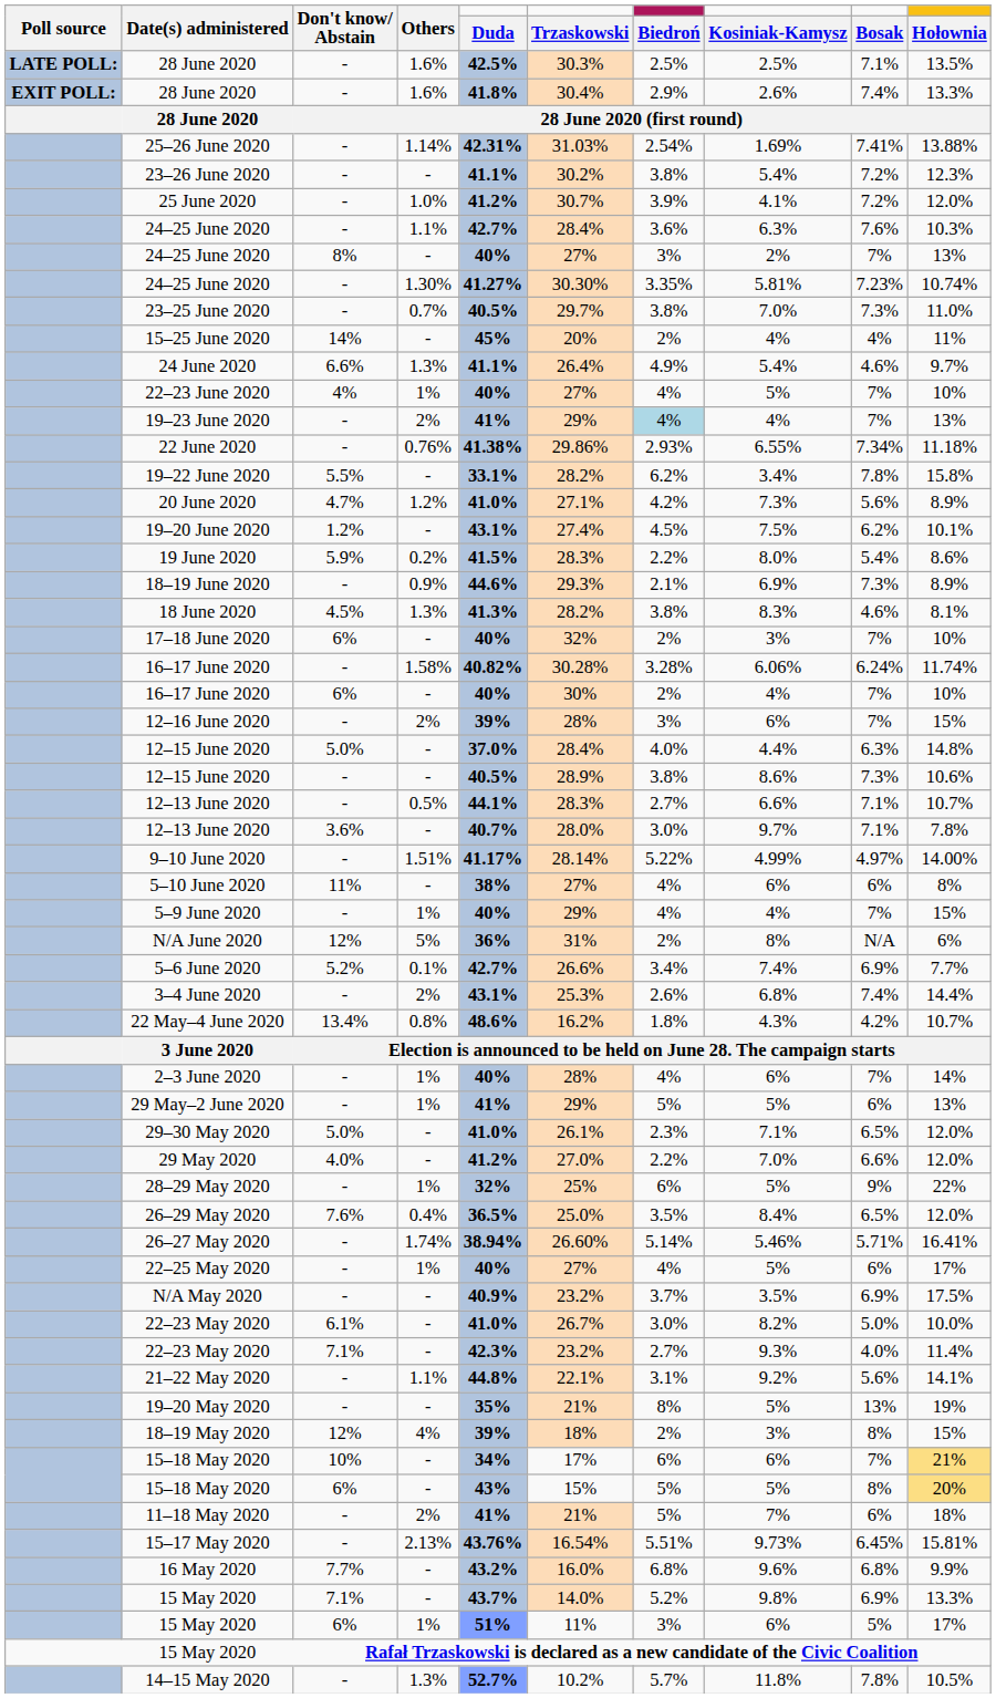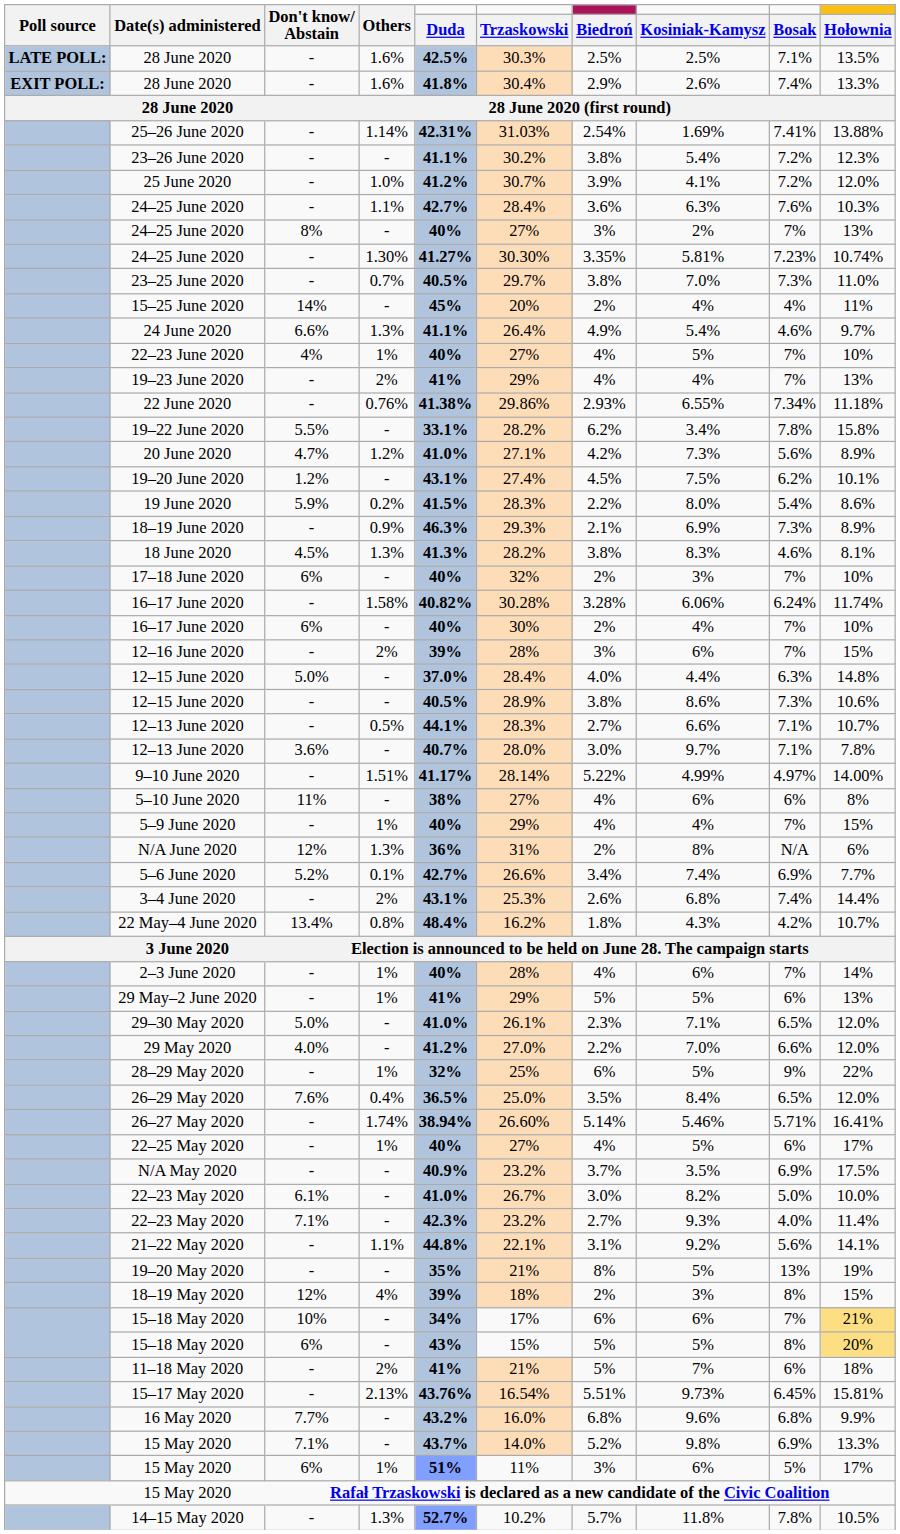 <table class="wikitable" style="text-align:center; font-size:85%; line-height:14px;">
 <tr>
 <th rowspan="2">Poll source</th>
 <th rowspan="2">Date(s) administered</th>
 <th rowspan="2">Don't know/<br>Abstain</th>
 <th rowspan="2">Others</th>
 <td style="background:"></td>
 <td style="background:"></td>
 <td style="background:#ac145a;"></td>
 <td style="background:"></td>
 <td style="background:"></td>
 <td style="background:#F9C013;"></td>
 </tr>
 <tr>
 <th><a href='#'>Duda</a><br></th>
 <th><a href='#'>Trzaskowski</a><br></th>
 <th><a href='#'>Biedroń</a><br></th>
 <th><a href='#'>Kosiniak-Kamysz</a><br></th>
 <th><a href='#'>Bosak</a><br></th>
 <th><a href='#'>Hołownia</a><br></th>
 </tr>
 <tr>
 <td style="background:lightsteelblue;"><strong>LATE POLL:</strong><br> </td>
 <td>28 June 2020</td>
 <td>-</td>
 <td>1.6%</td>
 <td style="background:lightsteelblue;"><strong>42.5%</strong></td>
 <td style="background:#FDDCB8;">30.3%</td>
 <td>2.5%</td>
 <td>2.5%</td>
 <td>7.1%</td>
 <td>13.5%</td>
 </tr>
 <tr>
 <td style="background:lightsteelblue;"><strong>EXIT POLL:</strong><br> </td>
 <td>28 June 2020</td>
 <td>-</td>
 <td>1.6%</td>
 <td style="background:lightsteelblue;"><strong>41.8%</strong></td>
 <td style="background:#FDDCB8;">30.4%</td>
 <td>2.9%</td>
 <td>2.6%</td>
 <td>7.4%</td>
 <td>13.3%</td>
 </tr>
 <tr>
 <th style="border-right-style:hidden;"></th>
 <th style="border-right-style:hidden;" data-sort-value="2020-06-28">28 June 2020</th>
 <th colspan="8"><strong>28 June 2020 (first round)</strong></th>
 </tr>
 <tr>
 <td style="background:lightsteelblue;"></td>
 <td>25–26 June 2020</td>
 <td>-</td>
 <td>1.14%</td>
 <td style="background:lightsteelblue;"><strong>42.31%</strong></td>
 <td style="background:#FDDCB8;">31.03%</td>
 <td>2.54%</td>
 <td>1.69%</td>
 <td>7.41%</td>
 <td>13.88%</td>
 </tr>
 <tr>
 <td style="background:lightsteelblue;"></td>
 <td>23–26 June 2020</td>
 <td>-</td>
 <td>-</td>
 <td style="background:lightsteelblue;"><strong>41.1%</strong></td>
 <td style="background:#FDDCB8;">30.2%</td>
 <td>3.8%</td>
 <td>5.4%</td>
 <td>7.2%</td>
 <td>12.3%</td>
 </tr>
 <tr>
 <td style="background:lightsteelblue;"></td>
 <td>25 June 2020</td>
 <td>-</td>
 <td>1.0%</td>
 <td style="background:lightsteelblue;"><strong>41.2%</strong></td>
 <td style="background:#FDDCB8;">30.7%</td>
 <td>3.9%</td>
 <td>4.1%</td>
 <td>7.2%</td>
 <td>12.0%</td>
 </tr>
 <tr>
 <td style="background:lightsteelblue;"></td>
 <td>24–25 June 2020</td>
 <td>-</td>
 <td>1.1%</td>
 <td style="background:lightsteelblue;"><strong>42.7%</strong></td>
 <td style="background:#FDDCB8;">28.4%</td>
 <td>3.6%</td>
 <td>6.3%</td>
 <td>7.6%</td>
 <td>10.3%</td>
 </tr>
 <tr>
 <td style="background:lightsteelblue;"></td>
 <td>24–25 June 2020</td>
 <td>8%</td>
 <td>-</td>
 <td style="background:lightsteelblue;"><strong>40%</strong></td>
 <td style="background:#FDDCB8;">27%</td>
 <td>3%</td>
 <td>2%</td>
 <td>7%</td>
 <td>13%</td>
 </tr>
 <tr>
 <td style="background:lightsteelblue;"></td>
 <td>24–25 June 2020</td>
 <td>-</td>
 <td>1.30%</td>
 <td style="background:lightsteelblue;"><strong>41.27%</strong></td>
 <td style="background:#FDDCB8;">30.30%</td>
 <td>3.35%</td>
 <td>5.81%</td>
 <td>7.23%</td>
 <td>10.74%</td>
 </tr>
 <tr>
 <td style="background:lightsteelblue;"></td>
 <td>23–25 June 2020</td>
 <td>-</td>
 <td>0.7%</td>
 <td style="background:lightsteelblue;"><strong>40.5%</strong></td>
 <td style="background:#FDDCB8;">29.7%</td>
 <td>3.8%</td>
 <td>7.0%</td>
 <td>7.3%</td>
 <td>11.0%</td>
 </tr>
 <tr>
 <td style="background:lightsteelblue;"></td>
 <td>15–25 June 2020</td>
 <td>14%</td>
 <td>-</td>
 <td style="background:lightsteelblue;"><strong>45%</strong></td>
 <td style="background:#FDDCB8;">20%</td>
 <td>2%</td>
 <td>4%</td>
 <td>4%</td>
 <td>11%</td>
 </tr>
 <tr>
 <td style="background:lightsteelblue;"></td>
 <td>24 June 2020</td>
 <td>6.6%</td>
 <td>1.3%</td>
 <td style="background:lightsteelblue;"><strong>41.1%</strong></td>
 <td style="background:#FDDCB8;">26.4%</td>
 <td>4.9%</td>
 <td>5.4%</td>
 <td>4.6%</td>
 <td>9.7%</td>
 </tr>
 <tr>
 <td style="background:lightsteelblue;"></td>
 <td>22–23 June 2020</td>
 <td>4%</td>
 <td>1%</td>
 <td style="background:lightsteelblue;"><strong>40%</strong></td>
 <td style="background:#FDDCB8;">27%</td>
 <td>4%</td>
 <td>5%</td>
 <td>7%</td>
 <td>10%</td>
 </tr>
 <tr>
 <td style="background:lightsteelblue;"></td>
 <td>19–23 June 2020</td>
 <td>-</td>
 <td>2%</td>
 <td style="background:lightsteelblue;"><strong>41%</strong></td>
 <td style="background:#FDDCB8;">29%</td>
-<td style="background: lightblue;">4%</td>
+<td>4%</td>
 <td>4%</td>
 <td>7%</td>
 <td>13%</td>
 </tr>
 <tr>
 <td style="background:lightsteelblue;"></td>
 <td>22 June 2020</td>
 <td>-</td>
 <td>0.76%</td>
 <td style="background:lightsteelblue;"><strong>41.38%</strong></td>
 <td style="background:#FDDCB8;">29.86%</td>
 <td>2.93%</td>
 <td>6.55%</td>
 <td>7.34%</td>
 <td>11.18%</td>
 </tr>
 <tr>
 <td style="background:lightsteelblue;"></td>
 <td>19–22 June 2020</td>
 <td>5.5%</td>
 <td>-</td>
 <td style="background:lightsteelblue;"><strong>33.1%</strong></td>
 <td style="background:#FDDCB8;">28.2%</td>
 <td>6.2%</td>
 <td>3.4%</td>
 <td>7.8%</td>
 <td>15.8%</td>
 </tr>
 <tr>
 <td style="background:lightsteelblue;"></td>
 <td>20 June 2020</td>
 <td>4.7%</td>
 <td>1.2%</td>
 <td style="background:lightsteelblue;"><strong>41.0%</strong></td>
 <td style="background:#FDDCB8;">27.1%</td>
 <td>4.2%</td>
 <td>7.3%</td>
 <td>5.6%</td>
 <td>8.9%</td>
 </tr>
 <tr>
 <td style="background:lightsteelblue;"></td>
 <td>19–20 June 2020</td>
 <td>1.2%</td>
 <td>-</td>
 <td style="background:lightsteelblue;"><strong>43.1%</strong></td>
 <td style="background:#FDDCB8;">27.4%</td>
 <td>4.5%</td>
 <td>7.5%</td>
 <td>6.2%</td>
 <td>10.1%</td>
 </tr>
 <tr>
 <td style="background:lightsteelblue;"></td>
 <td>19 June 2020</td>
 <td>5.9%</td>
 <td>0.2%</td>
 <td style="background:lightsteelblue;"><strong>41.5%</strong></td>
 <td style="background:#FDDCB8;">28.3%</td>
 <td>2.2%</td>
 <td>8.0%</td>
 <td>5.4%</td>
 <td>8.6%</td>
 </tr>
 <tr>
 <td style="background:lightsteelblue;"></td>
 <td>18–19 June 2020</td>
 <td>-</td>
 <td>0.9%</td>
-<td style="background:lightsteelblue;"><strong>44.6%</strong></td>
+<td style="background:lightsteelblue;"><strong>46.3%</strong></td>
 <td style="background:#FDDCB8;">29.3%</td>
 <td>2.1%</td>
 <td>6.9%</td>
 <td>7.3%</td>
 <td>8.9%</td>
 </tr>
 <tr>
 <td style="background:lightsteelblue;"></td>
 <td>18 June 2020</td>
 <td>4.5%</td>
 <td>1.3%</td>
 <td style="background:lightsteelblue;"><strong>41.3%</strong></td>
 <td style="background:#FDDCB8;">28.2%</td>
 <td>3.8%</td>
 <td>8.3%</td>
 <td>4.6%</td>
 <td>8.1%</td>
 </tr>
 <tr>
 <td style="background:lightsteelblue;"></td>
 <td>17–18 June 2020</td>
 <td>6%</td>
 <td>-</td>
 <td style="background:lightsteelblue;"><strong>40%</strong></td>
 <td style="background:#FDDCB8;">32%</td>
 <td>2%</td>
 <td>3%</td>
 <td>7%</td>
 <td>10%</td>
 </tr>
 <tr>
 <td style="background:lightsteelblue;"></td>
 <td>16–17 June 2020</td>
 <td>-</td>
 <td>1.58%</td>
 <td style="background:lightsteelblue;"><strong>40.82%</strong></td>
 <td style="background:#FDDCB8;">30.28%</td>
 <td>3.28%</td>
 <td>6.06%</td>
 <td>6.24%</td>
 <td>11.74%</td>
 </tr>
 <tr>
 <td style="background:lightsteelblue;"></td>
 <td>16–17 June 2020</td>
 <td>6%</td>
 <td>-</td>
 <td style="background:lightsteelblue;"><strong>40%</strong></td>
 <td style="background:#FDDCB8;">30%</td>
 <td>2%</td>
 <td>4%</td>
 <td>7%</td>
 <td>10%</td>
 </tr>
 <tr>
 <td style="background:lightsteelblue;"></td>
 <td>12–16 June 2020</td>
 <td>-</td>
 <td>2%</td>
 <td style="background:lightsteelblue;"><strong>39%</strong></td>
 <td style="background:#FDDCB8;">28%</td>
 <td>3%</td>
 <td>6%</td>
 <td>7%</td>
 <td>15%</td>
 </tr>
 <tr>
 <td style="background:lightsteelblue;"></td>
 <td>12–15 June 2020</td>
 <td>5.0%</td>
 <td>-</td>
 <td style="background:lightsteelblue;"><strong>37.0%</strong></td>
 <td style="background:#FDDCB8;">28.4%</td>
 <td>4.0%</td>
 <td>4.4%</td>
 <td>6.3%</td>
 <td>14.8%</td>
 </tr>
 <tr>
 <td style="background:lightsteelblue;"></td>
 <td>12–15 June 2020</td>
 <td>-</td>
 <td>-</td>
 <td style="background:lightsteelblue;"><strong>40.5%</strong></td>
 <td style="background:#FDDCB8;">28.9%</td>
 <td>3.8%</td>
 <td>8.6%</td>
 <td>7.3%</td>
 <td>10.6%</td>
 </tr>
 <tr>
 <td style="background:lightsteelblue;"></td>
 <td>12–13 June 2020</td>
 <td>-</td>
 <td>0.5%</td>
 <td style="background:lightsteelblue;"><strong>44.1%</strong></td>
 <td style="background:#FDDCB8;">28.3%</td>
 <td>2.7%</td>
 <td>6.6%</td>
 <td>7.1%</td>
 <td>10.7%</td>
 </tr>
 <tr>
 <td style="background:lightsteelblue;"></td>
 <td>12–13 June 2020</td>
 <td>3.6%</td>
 <td>-</td>
 <td style="background:lightsteelblue;"><strong>40.7%</strong></td>
 <td style="background:#FDDCB8;">28.0%</td>
 <td>3.0%</td>
 <td>9.7%</td>
 <td>7.1%</td>
 <td>7.8%</td>
 </tr>
 <tr>
 <td style="background:lightsteelblue;"></td>
 <td>9–10 June 2020</td>
 <td>-</td>
 <td>1.51%</td>
 <td style="background:lightsteelblue;"><strong>41.17%</strong></td>
 <td style="background:#FDDCB8;">28.14%</td>
 <td>5.22%</td>
 <td>4.99%</td>
 <td>4.97%</td>
 <td>14.00%</td>
 </tr>
 <tr>
 <td style="background:lightsteelblue;"></td>
 <td>5–10 June 2020</td>
 <td>11%</td>
 <td>-</td>
 <td style="background:lightsteelblue;"><strong>38%</strong></td>
 <td style="background:#FDDCB8;">27%</td>
 <td>4%</td>
 <td>6%</td>
 <td>6%</td>
 <td>8%</td>
 </tr>
 <tr>
 <td style="background:lightsteelblue;"></td>
 <td>5–9 June 2020</td>
 <td>-</td>
 <td>1%</td>
 <td style="background:lightsteelblue;"><strong>40%</strong></td>
 <td style="background:#FDDCB8;">29%</td>
 <td>4%</td>
 <td>4%</td>
 <td>7%</td>
 <td>15%</td>
 </tr>
 <tr>
 <td style="background:lightsteelblue;"></td>
 <td>N/A June 2020</td>
 <td>12%</td>
-<td>5%</td>
+<td>1.3%</td>
 <td style="background:lightsteelblue;"><strong>36%</strong></td>
 <td style="background:#FDDCB8;">31%</td>
 <td>2%</td>
 <td>8%</td>
 <td>N/A</td>
 <td>6%</td>
 </tr>
 <tr>
 <td style="background:lightsteelblue;"></td>
 <td>5–6 June 2020</td>
 <td>5.2%</td>
 <td>0.1%</td>
 <td style="background:lightsteelblue;"><strong>42.7%</strong></td>
 <td style="background:#FDDCB8;">26.6%</td>
 <td>3.4%</td>
 <td>7.4%</td>
 <td>6.9%</td>
 <td>7.7%</td>
 </tr>
 <tr>
 <td style="background:lightsteelblue;"></td>
 <td>3–4 June 2020</td>
 <td>-</td>
 <td>2%</td>
 <td style="background:lightsteelblue;"><strong>43.1%</strong></td>
 <td style="background:#FDDCB8;">25.3%</td>
 <td>2.6%</td>
 <td>6.8%</td>
 <td>7.4%</td>
 <td>14.4%</td>
 </tr>
 <tr>
 <td style="background:lightsteelblue;"></td>
 <td>22 May–4 June 2020</td>
 <td>13.4%</td>
 <td>0.8%</td>
-<td style="background:lightsteelblue;"><strong>48.6%</strong></td>
+<td style="background:lightsteelblue;"><strong>48.4%</strong></td>
 <td style="background:#FDDCB8;">16.2%</td>
 <td>1.8%</td>
 <td>4.3%</td>
 <td>4.2%</td>
 <td>10.7%</td>
 </tr>
 <tr>
 <th style="border-right-style:hidden;"></th>
 <th style="border-right-style:hidden;" data-sort-value="2020-06-03">3 June 2020</th>
 <th colspan="8"><strong>Election is announced to be held on June 28. The campaign starts</strong></th>
 </tr>
 <tr>
 <td style="background:lightsteelblue;"></td>
 <td>2–3 June 2020</td>
 <td>-</td>
 <td>1%</td>
 <td style="background:lightsteelblue;"><strong>40%</strong></td>
 <td style="background:#FDDCB8;">28%</td>
 <td>4%</td>
 <td>6%</td>
 <td>7%</td>
 <td>14%</td>
 </tr>
 <tr>
 <td style="background:lightsteelblue;"></td>
 <td>29 May–2 June 2020</td>
 <td>-</td>
 <td>1%</td>
 <td style="background:lightsteelblue;"><strong>41%</strong></td>
 <td style="background:#FDDCB8;">29%</td>
 <td>5%</td>
 <td>5%</td>
 <td>6%</td>
 <td>13%</td>
 </tr>
 <tr>
 <td style="background:lightsteelblue;"></td>
 <td>29–30 May 2020</td>
 <td>5.0%</td>
 <td>-</td>
 <td style="background:lightsteelblue;"><strong>41.0%</strong></td>
 <td style="background:#FDDCB8;">26.1%</td>
 <td>2.3%</td>
 <td>7.1%</td>
 <td>6.5%</td>
 <td>12.0%</td>
 </tr>
 <tr>
 <td style="background:lightsteelblue;"></td>
 <td>29 May 2020</td>
 <td>4.0%</td>
 <td>-</td>
 <td style="background:lightsteelblue;"><strong>41.2%</strong></td>
 <td style="background:#FDDCB8;">27.0%</td>
 <td>2.2%</td>
 <td>7.0%</td>
 <td>6.6%</td>
 <td>12.0%</td>
 </tr>
 <tr>
 <td style="background:lightsteelblue;"></td>
 <td>28–29 May 2020</td>
 <td>-</td>
 <td>1%</td>
 <td style="background:lightsteelblue;"><strong>32%</strong></td>
 <td style="background:#FDDCB8;">25%</td>
 <td>6%</td>
 <td>5%</td>
 <td>9%</td>
 <td>22%</td>
 </tr>
 <tr>
 <td style="background:lightsteelblue;"></td>
 <td>26–29 May 2020</td>
 <td>7.6%</td>
 <td>0.4%</td>
 <td style="background:lightsteelblue;"><strong>36.5%</strong></td>
 <td style="background:#FDDCB8;">25.0%</td>
 <td>3.5%</td>
 <td>8.4%</td>
 <td>6.5%</td>
 <td>12.0%</td>
 </tr>
 <tr>
 <td style="background:lightsteelblue;"></td>
 <td>26–27 May 2020</td>
 <td>-</td>
 <td>1.74%</td>
 <td style="background:lightsteelblue;"><strong>38.94%</strong></td>
 <td style="background:#FDDCB8;">26.60%</td>
 <td>5.14%</td>
 <td>5.46%</td>
 <td>5.71%</td>
 <td>16.41%</td>
 </tr>
 <tr>
 <td style="background:lightsteelblue;"></td>
 <td>22–25 May 2020</td>
 <td>-</td>
 <td>1%</td>
 <td style="background:lightsteelblue;"><strong>40%</strong></td>
 <td style="background:#FDDCB8;">27%</td>
 <td>4%</td>
 <td>5%</td>
 <td>6%</td>
 <td>17%</td>
 </tr>
 <tr>
 <td style="background:lightsteelblue;"></td>
 <td>N/A May 2020</td>
 <td>-</td>
 <td>-</td>
 <td style="background:lightsteelblue;"><strong>40.9%</strong></td>
 <td style="background:#FDDCB8;">23.2%</td>
 <td>3.7%</td>
 <td>3.5%</td>
 <td>6.9%</td>
 <td>17.5%</td>
 </tr>
 <tr>
 <td style="background:lightsteelblue;"></td>
 <td>22–23 May 2020</td>
 <td>6.1%</td>
 <td>-</td>
 <td style="background:lightsteelblue;"><strong>41.0%</strong></td>
 <td style="background:#FDDCB8;">26.7%</td>
 <td>3.0%</td>
 <td>8.2%</td>
 <td>5.0%</td>
 <td>10.0%</td>
 </tr>
 <tr>
 <td style="background:lightsteelblue;"></td>
 <td>22–23 May 2020</td>
 <td>7.1%</td>
 <td>-</td>
 <td style="background:lightsteelblue;"><strong>42.3%</strong></td>
 <td style="background:#FDDCB8;">23.2%</td>
 <td>2.7%</td>
 <td>9.3%</td>
 <td>4.0%</td>
 <td>11.4%</td>
 </tr>
 <tr>
 <td style="background:lightsteelblue;"></td>
 <td>21–22 May 2020</td>
 <td>-</td>
 <td>1.1%</td>
 <td style="background:lightsteelblue;"><strong>44.8%</strong></td>
 <td style="background:#FDDCB8;">22.1%</td>
 <td>3.1%</td>
 <td>9.2%</td>
 <td>5.6%</td>
 <td>14.1%</td>
 </tr>
 <tr>
 <td style="background:lightsteelblue;"></td>
 <td>19–20 May 2020</td>
 <td>-</td>
 <td>-</td>
 <td style="background:lightsteelblue;"><strong>35%</strong></td>
 <td style="background:#FDDCB8;">21%</td>
 <td>8%</td>
 <td>5%</td>
 <td>13%</td>
 <td>19%</td>
 </tr>
 <tr>
 <td style="background:lightsteelblue;"></td>
 <td>18–19 May 2020</td>
 <td>12%</td>
 <td>4%</td>
 <td style="background:lightsteelblue;"><strong>39%</strong></td>
 <td style="background:#FDDCB8;">18%</td>
 <td>2%</td>
 <td>3%</td>
 <td>8%</td>
 <td>15%</td>
 </tr>
 <tr>
 <td rowspan="2" style="background:lightsteelblue;"></td>
 <td>15–18 May 2020</td>
 <td>10%</td>
 <td>-</td>
 <td style="background:lightsteelblue;"><strong>34%</strong></td>
 <td>17%</td>
 <td>6%</td>
 <td>6%</td>
 <td>7%</td>
 <td style="background:#fcde83;">21%</td>
 </tr>
 <tr>
 <td>15–18 May 2020</td>
 <td>6%</td>
 <td>-</td>
 <td style="background:lightsteelblue;"><strong>43%</strong></td>
 <td>15%</td>
 <td>5%</td>
 <td>5%</td>
 <td>8%</td>
 <td style="background:#fcde83;">20%</td>
 </tr>
 <tr>
 <td style="background:lightsteelblue;"></td>
 <td>11–18 May 2020</td>
 <td>-</td>
 <td>2%</td>
 <td style="background:lightsteelblue;"><strong>41%</strong></td>
 <td style="background:#FDDCB8;">21%</td>
 <td>5%</td>
 <td>7%</td>
 <td>6%</td>
 <td>18%</td>
 </tr>
 <tr>
 <td style="background:lightsteelblue;"></td>
 <td>15–17 May 2020</td>
 <td>-</td>
 <td>2.13%</td>
 <td style="background:lightsteelblue;"><strong>43.76%</strong></td>
 <td style="background:#FDDCB8;">16.54%</td>
 <td>5.51%</td>
 <td>9.73%</td>
 <td>6.45%</td>
 <td>15.81%</td>
 </tr>
 <tr>
 <td style="background:lightsteelblue;"></td>
 <td>16 May 2020</td>
 <td>7.7%</td>
 <td>-</td>
 <td style="background:lightsteelblue;"><strong>43.2%</strong></td>
 <td style="background:#FDDCB8;">16.0%</td>
 <td>6.8%</td>
 <td>9.6%</td>
 <td>6.8%</td>
 <td>9.9%</td>
 </tr>
 <tr>
 <td style="background:lightsteelblue;"></td>
 <td>15 May 2020</td>
 <td>7.1%</td>
 <td>-</td>
 <td style="background:lightsteelblue;"><strong>43.7%</strong></td>
 <td style="background:#FDDCB8;">14.0%</td>
 <td>5.2%</td>
 <td>9.8%</td>
 <td>6.9%</td>
 <td>13.3%</td>
 </tr>
 <tr>
 <td style="background:lightsteelblue;"></td>
 <td>15 May 2020</td>
 <td>6%</td>
 <td>1%</td>
 <td style="background:#809fff;"><strong>51%</strong></td>
 <td>11%</td>
 <td>3%</td>
 <td>6%</td>
 <td>5%</td>
 <td>17%</td>
 </tr>
 <tr>
 <td style="border-right-style:hidden;"></td>
 <td style="border-right-style:hidden;" data-sort-value="2020-05-15">15 May 2020</td>
 <td colspan="8"><strong><a href='#'>Rafał Trzaskowski</a> is declared as a new candidate of the <a href='#'>Civic Coalition</a></strong></td>
 </tr>
 <tr>
 <td style="background:lightsteelblue;"></td>
 <td>14–15 May 2020</td>
 <td>-</td>
 <td>1.3%</td>
 <td style="background:#809fff;"><strong>52.7%</strong></td>
 <td>10.2%</td>
 <td>5.7%</td>
 <td>11.8%</td>
 <td>7.8%</td>
 <td>10.5%</td>
 </tr>
 </table>
